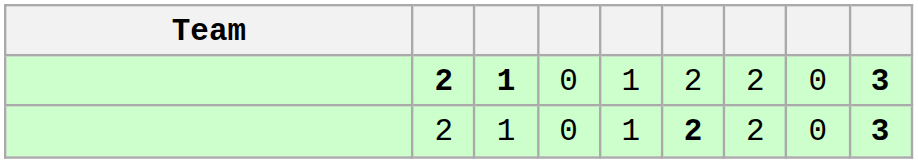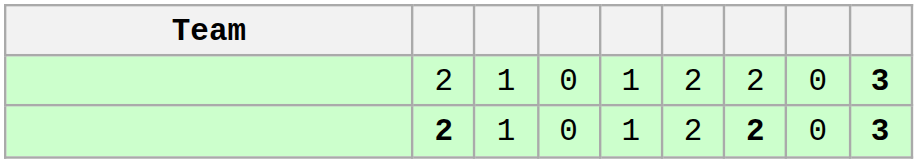 <table class="wikitable" style="text-align:center;">
 <tr>
 <th width="165">Team</th>
 <th width="20"></th>
 <th width="20"></th>
 <th width="20"></th>
 <th width="20"></th>
 <th width="20"></th>
 <th width="20"></th>
 <th width="20"></th>
 <th width="20"></th>
 </tr>
 <tr align=center bgcolor="ccffcc">
 <td style="text-align:left;"><strong></strong></td>
-<td><strong>2</strong></td>
-<td><strong>1</strong></td>
+<td>2</td>
+<td>1</td>
 <td>0</td>
 <td>1</td>
 <td>2</td>
 <td>2</td>
 <td>0</td>
 <td><strong>3</strong></td>
 </tr>
 <tr align=center bgcolor="ccffcc">
 <td style="text-align:left;"></td>
-<td>2</td>
+<td><strong>2</strong></td>
 <td>1</td>
 <td>0</td>
 <td>1</td>
+<td>2</td>
 <td><strong>2</strong></td>
-<td>2</td>
 <td>0</td>
 <td><strong>3</strong></td>
 </tr>
 </table>
